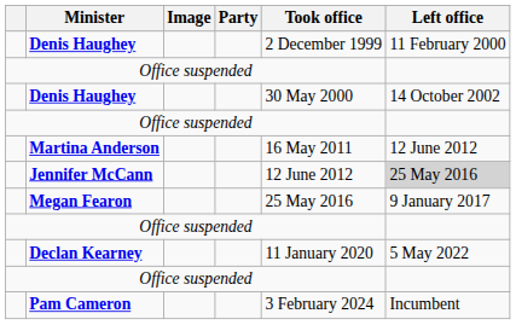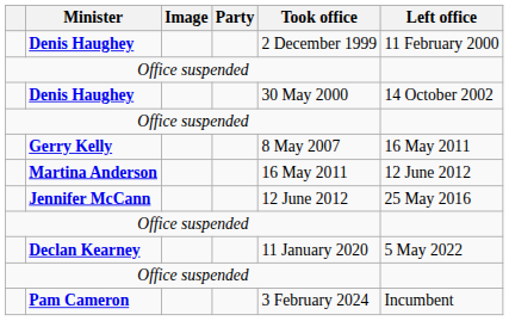 <table class="wikitable" style="margin: 1em auto 1em auto">
 <tr bgcolor=cccccc>
 <th></th>
 <th>Minister</th>
 <th>Image</th>
 <th>Party</th>
 <th>Took office</th>
 <th>Left office</th>
 </tr>
 <tr>
 <td style="background:">   </td>
 <td><strong><a href='#'>Denis Haughey</a></strong></td>
 <td></td>
 <td></td>
 <td>2 December 1999</td>
 <td>11 February 2000</td>
 </tr>
 <tr>
 <td colspan="5" align="center"><em>Office suspended</em></td>
 <td></td>
 </tr>
 <tr>
 <td style="background:">   </td>
 <td><strong><a href='#'>Denis Haughey</a></strong></td>
 <td></td>
 <td></td>
 <td>30 May 2000</td>
 <td>14 October 2002</td>
 </tr>
 <tr>
 <td colspan="5" align="center"><em>Office suspended</em></td>
 <td></td>
 </tr>
 <tr>
 <td style="background:">   </td>
+<td><strong><a href='#'>Gerry Kelly</a></strong></td>
+<td></td>
+<td></td>
+<td>8 May 2007</td>
+<td>16 May 2011</td>
+</tr>
+<tr>
+<td style="background:">   </td>
 <td><strong><a href='#'>Martina Anderson</a></strong></td>
 <td></td>
 <td></td>
 <td>16 May 2011</td>
 <td>12 June 2012</td>
 </tr>
 <tr>
 <td style="background:">   </td>
 <td><strong><a href='#'>Jennifer McCann</a></strong></td>
 <td></td>
 <td></td>
 <td>12 June 2012</td>
-<td style="background: lightgrey;">25 May 2016</td>
-</tr>
-<tr>
-<td style="background:">   </td>
-<td><strong><a href='#'>Megan Fearon</a></strong></td>
-<td></td>
-<td></td>
 <td>25 May 2016</td>
-<td>9 January 2017</td>
 </tr>
 <tr>
 <td colspan="5" align="center"><em>Office suspended</em></td>
 <td></td>
 </tr>
 <tr>
 <td style="background:">   </td>
 <td><strong><a href='#'>Declan Kearney</a></strong></td>
 <td></td>
 <td></td>
 <td>11 January 2020</td>
 <td>5 May 2022</td>
 </tr>
 <tr>
 <td colspan="5" align="center"><em>Office suspended</em></td>
 <td></td>
 </tr>
 <tr>
 <td style="background:">   </td>
 <td><strong><a href='#'>Pam Cameron</a></strong></td>
 <td></td>
 <td></td>
 <td>3 February 2024</td>
 <td>Incumbent</td>
 </tr>
 </table>
